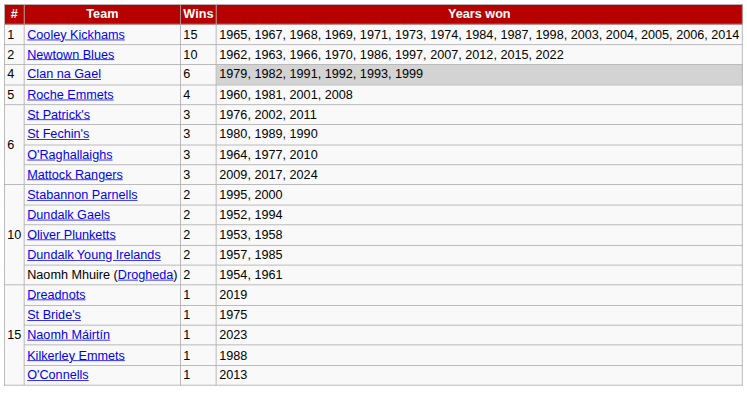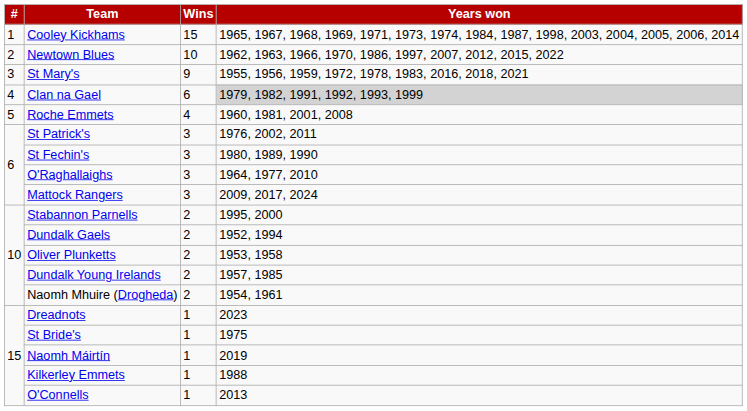 <table class="wikitable">
 <tr>
 <th style="background:#B60000;color:white">#</th>
 <th style="background:#B60000;color:white">Team</th>
 <th style="background:#B60000;color:white">Wins</th>
 <th style="background:#B60000;color:white">Years won</th>
 </tr>
 <tr>
 <td>1</td>
 <td><a href='#'>Cooley Kickhams</a></td>
 <td>15</td>
 <td>1965, 1967, 1968, 1969, 1971, 1973, 1974, 1984, 1987, 1998, 2003, 2004, 2005, 2006, 2014</td>
 </tr>
 <tr>
 <td>2</td>
 <td><a href='#'>Newtown Blues</a></td>
 <td>10</td>
 <td>1962, 1963, 1966, 1970, 1986, 1997, 2007, 2012, 2015, 2022</td>
+</tr>
+<tr>
+<td>3</td>
+<td><a href='#'>St Mary's</a></td>
+<td>9</td>
+<td>1955, 1956, 1959, 1972, 1978, 1983, 2016, 2018, 2021</td>
 </tr>
 <tr>
 <td>4</td>
 <td><a href='#'>Clan na Gael</a></td>
 <td>6</td>
 <td style="background: lightgrey;">1979, 1982, 1991, 1992, 1993, 1999</td>
 </tr>
 <tr>
 <td>5</td>
 <td><a href='#'>Roche Emmets</a></td>
 <td>4</td>
 <td>1960, 1981, 2001, 2008</td>
 </tr>
 <tr>
 <td 6 rowspan=4>6</td>
 <td><a href='#'>St Patrick's</a></td>
 <td>3</td>
 <td>1976, 2002, 2011</td>
 </tr>
 <tr>
 <td><a href='#'>St Fechin's</a></td>
 <td>3</td>
 <td>1980, 1989, 1990</td>
 </tr>
 <tr>
 <td><a href='#'>O'Raghallaighs</a></td>
 <td>3</td>
 <td>1964, 1977, 2010</td>
 </tr>
 <tr>
 <td><a href='#'>Mattock Rangers</a></td>
 <td>3</td>
 <td>2009, 2017, 2024</td>
 </tr>
 <tr>
 <td 10 rowspan=5>10</td>
 <td><a href='#'>Stabannon Parnells</a></td>
 <td>2</td>
 <td>1995, 2000</td>
 </tr>
 <tr>
 <td><a href='#'>Dundalk Gaels</a></td>
 <td>2</td>
 <td>1952, 1994</td>
 </tr>
 <tr>
 <td><a href='#'>Oliver Plunketts</a></td>
 <td>2</td>
 <td>1953, 1958</td>
 </tr>
 <tr>
 <td><a href='#'>Dundalk Young Irelands</a></td>
 <td>2</td>
 <td>1957, 1985</td>
 </tr>
 <tr>
 <td>Naomh Mhuire (<a href='#'>Drogheda</a>)</td>
 <td>2</td>
 <td>1954, 1961</td>
 </tr>
 <tr>
 <td 15 rowspan=5>15</td>
 <td><a href='#'>Dreadnots</a></td>
 <td>1</td>
-<td>2019</td>
+<td>2023</td>
 </tr>
 <tr>
 <td><a href='#'>St Bride's</a></td>
 <td>1</td>
 <td>1975</td>
 </tr>
 <tr>
 <td><a href='#'>Naomh Máirtín</a></td>
 <td>1</td>
-<td>2023</td>
+<td>2019</td>
 </tr>
 <tr>
 <td><a href='#'>Kilkerley Emmets</a></td>
 <td>1</td>
 <td>1988</td>
 </tr>
 <tr>
 <td><a href='#'>O'Connells</a></td>
 <td>1</td>
 <td>2013</td>
 </tr>
 </table>
